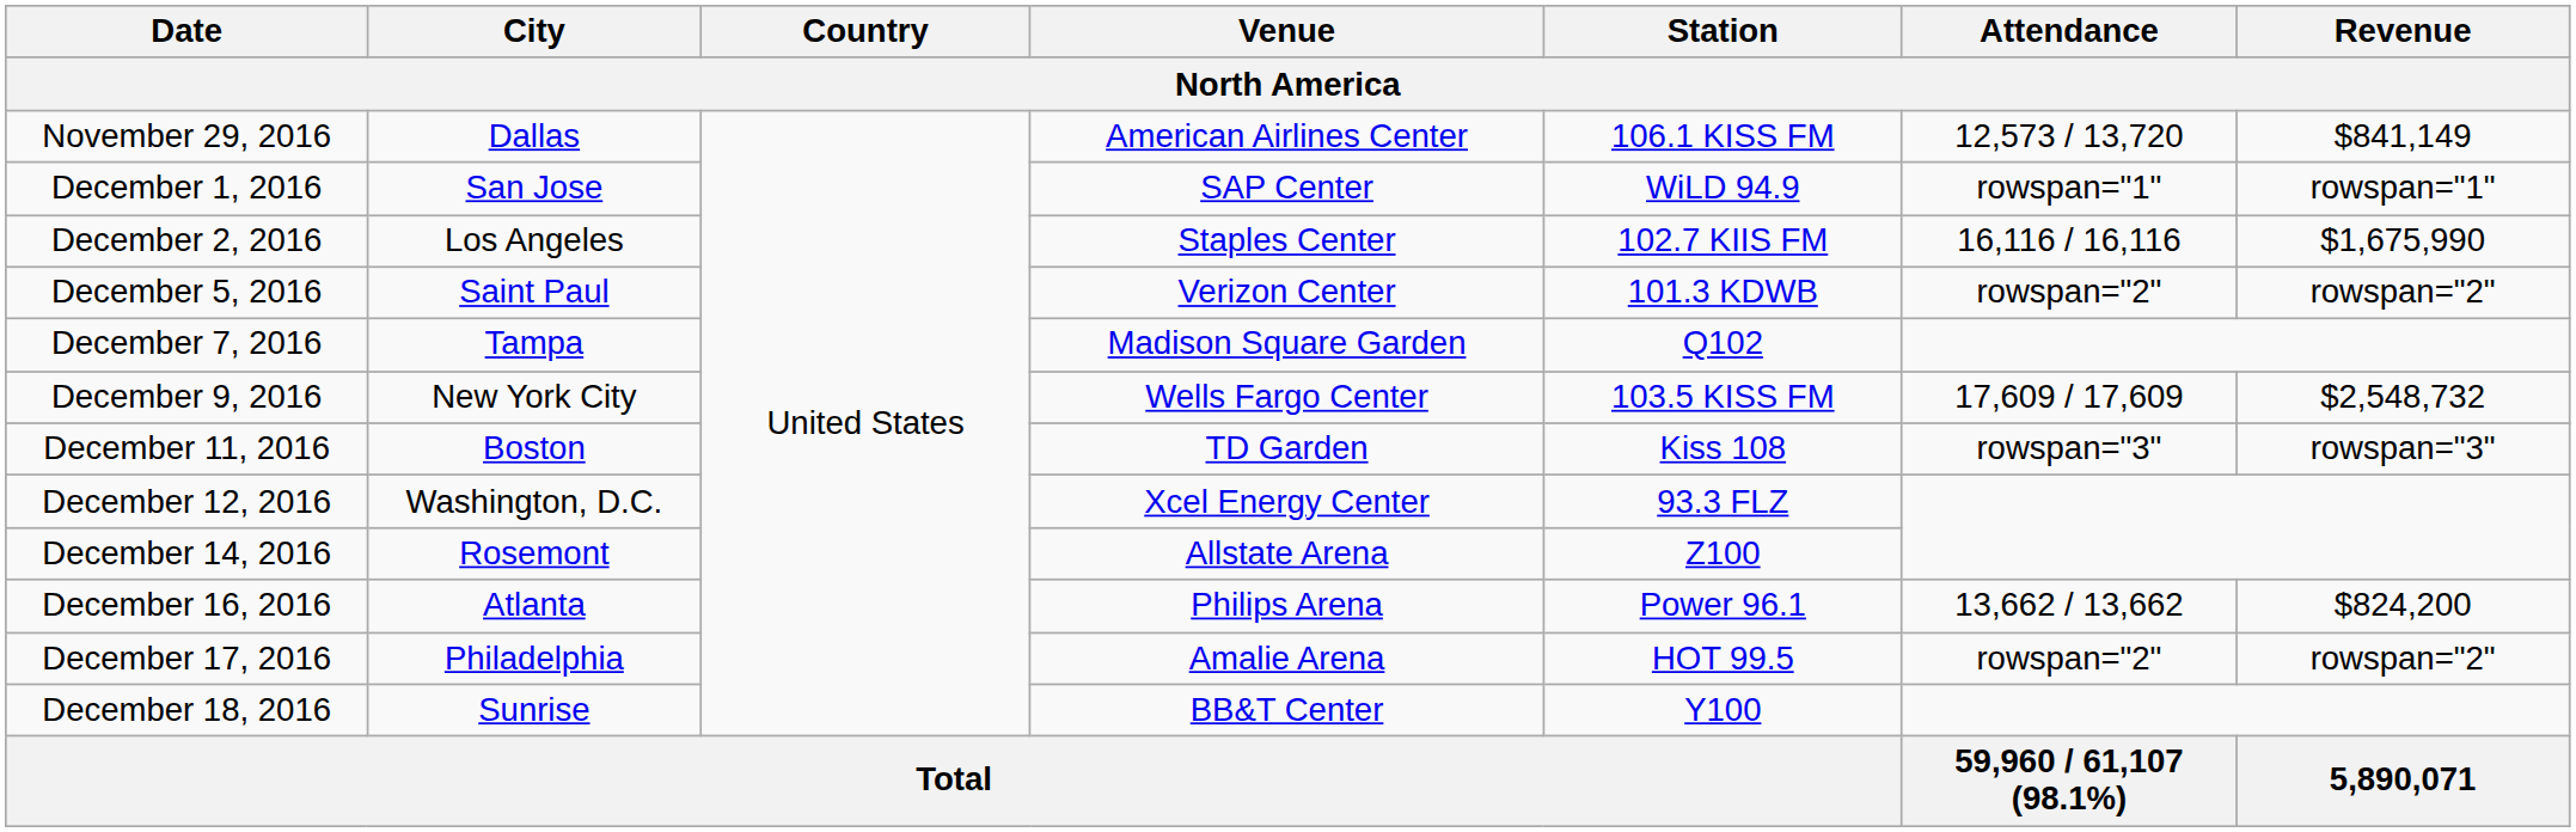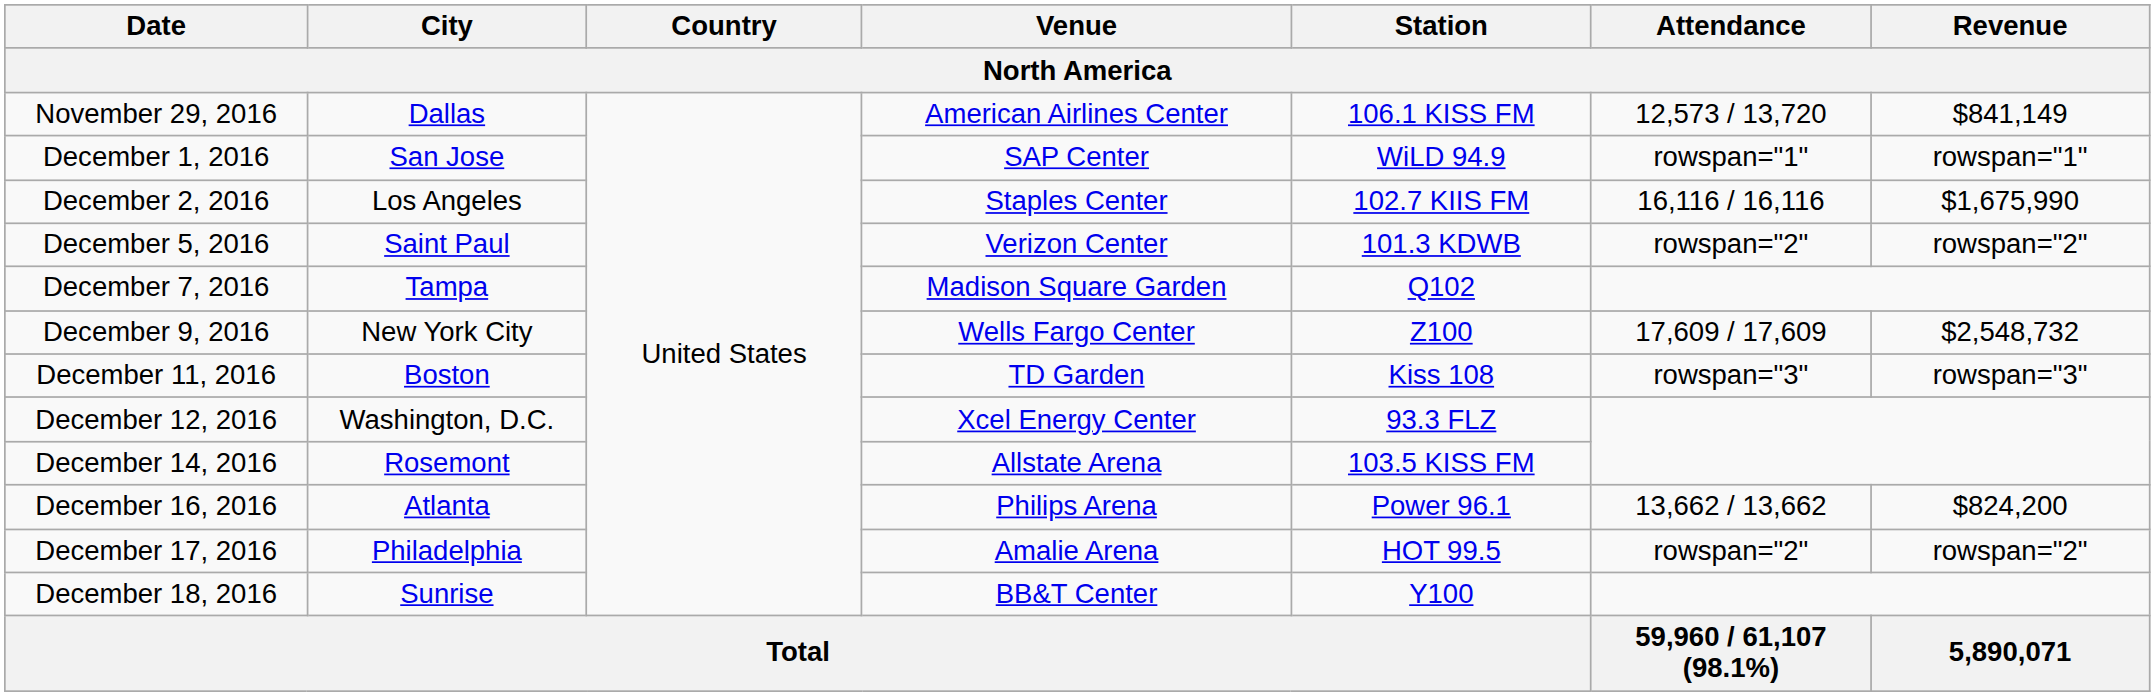 <table class="wikitable" style="text-align:center;">
 <tr>
 <th scope="col" style="width:11em;">Date</th>
 <th scope="col" style="width:10em;">City</th>
 <th scope="col" style="width:10em;">Country</th>
 <th scope="col" style="width:16em;">Venue</th>
 <th scope="col" style="width:11em;">Station</th>
 <th scope="col" style="width:10em;">Attendance</th>
 <th scope="col" style="width:10em;">Revenue</th>
 </tr>
 <tr>
 <th colspan="7">North America</th>
 </tr>
 <tr>
 <td>November 29, 2016</td>
 <td><a href='#'>Dallas</a></td>
 <td rowspan="12">United States</td>
 <td><a href='#'>American Airlines Center</a></td>
 <td><a href='#'>106.1 KISS FM</a></td>
 <td>12,573 / 13,720</td>
 <td>$841,149</td>
 </tr>
 <tr>
 <td>December 1, 2016</td>
 <td><a href='#'>San Jose</a></td>
 <td><a href='#'>SAP Center</a></td>
 <td><a href='#'>WiLD 94.9</a></td>
 <td>rowspan="1" </td>
 <td>rowspan="1" </td>
 </tr>
 <tr>
 <td>December 2, 2016</td>
 <td>Los Angeles</td>
 <td><a href='#'>Staples Center</a></td>
 <td><a href='#'>102.7 KIIS FM</a></td>
 <td>16,116 / 16,116</td>
 <td>$1,675,990</td>
 </tr>
 <tr>
 <td>December 5, 2016</td>
 <td><a href='#'>Saint Paul</a></td>
 <td><a href='#'>Verizon Center</a></td>
 <td><a href='#'>101.3 KDWB</a></td>
 <td>rowspan="2" </td>
 <td>rowspan="2" </td>
 </tr>
 <tr>
 <td>December 7, 2016</td>
 <td><a href='#'>Tampa</a></td>
 <td><a href='#'>Madison Square Garden</a></td>
 <td><a href='#'>Q102</a></td>
 </tr>
 <tr>
 <td>December 9, 2016</td>
 <td>New York City</td>
 <td><a href='#'>Wells Fargo Center</a></td>
-<td><a href='#'>103.5 KISS FM</a></td>
+<td><a href='#'>Z100</a></td>
 <td>17,609 / 17,609</td>
 <td>$2,548,732</td>
 </tr>
 <tr>
 <td>December 11, 2016</td>
 <td><a href='#'>Boston</a></td>
 <td><a href='#'>TD Garden</a></td>
 <td><a href='#'>Kiss 108</a></td>
 <td>rowspan="3" </td>
 <td>rowspan="3" </td>
 </tr>
 <tr>
 <td>December 12, 2016</td>
 <td>Washington, D.C.</td>
 <td><a href='#'>Xcel Energy Center</a></td>
 <td><a href='#'>93.3 FLZ</a></td>
 </tr>
 <tr>
 <td>December 14, 2016</td>
 <td><a href='#'>Rosemont</a></td>
 <td><a href='#'>Allstate Arena</a></td>
-<td><a href='#'>Z100</a></td>
+<td><a href='#'>103.5 KISS FM</a></td>
 </tr>
 <tr>
 <td>December 16, 2016</td>
 <td><a href='#'>Atlanta</a></td>
 <td><a href='#'>Philips Arena</a></td>
 <td><a href='#'>Power 96.1</a></td>
 <td>13,662 / 13,662</td>
 <td>$824,200</td>
 </tr>
 <tr>
 <td>December 17, 2016</td>
 <td><a href='#'>Philadelphia</a></td>
 <td><a href='#'>Amalie Arena</a></td>
 <td><a href='#'>HOT 99.5</a></td>
 <td>rowspan="2" </td>
 <td>rowspan="2" </td>
 </tr>
 <tr>
 <td>December 18, 2016</td>
 <td><a href='#'>Sunrise</a></td>
 <td><a href='#'>BB&T Center</a></td>
 <td><a href='#'>Y100</a></td>
 </tr>
 <tr>
 <th colspan="5">Total</th>
 <th>59,960 / 61,107 (98.1%)</th>
 <th>5,890,071</th>
 </tr>
 </table>
